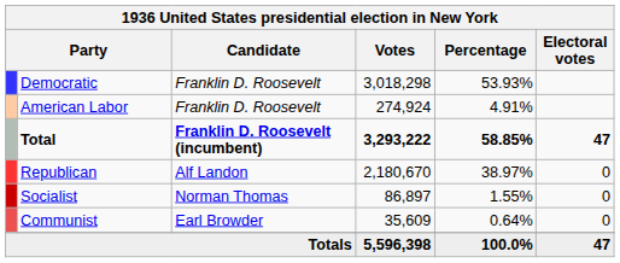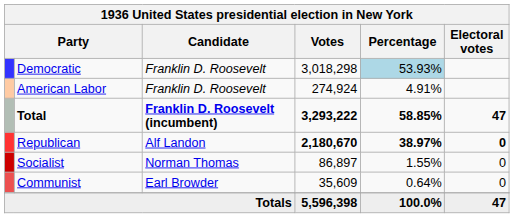 <table class="wikitable" style="font-size: 95%;">
 <tr>
 <th colspan="6">1936 United States presidential election in New York</th>
 </tr>
 <tr>
 <th colspan="2" style="width: 15em">Party</th>
 <th style="width: 17em">Candidate</th>
 <th style="width: 5em">Votes</th>
 <th style="width: 7em">Percentage</th>
 <th style="width: 5em">Electoral votes</th>
 </tr>
 <tr>
 <th style="background-color:#3333FF; width: 3px"></th>
 <td style="width: 130px"><a href='#'>Democratic</a></td>
 <td><em>Franklin D. Roosevelt</em></td>
 <td align="right">3,018,298</td>
-<td align="right">53.93%</td>
+<td align="right" style="background: lightblue;">53.93%</td>
 <td align="right"></td>
 </tr>
 <tr>
 <th style="background-color:#FFCBA4; width: 3px"></th>
 <td style="width: 130px"><a href='#'>American Labor</a></td>
 <td><em>Franklin D. Roosevelt</em></td>
 <td align="right">274,924</td>
 <td align="right">4.91%</td>
 <td align="right"></td>
 </tr>
 <tr>
 <th style="background-color:#B2BEB5; width: 3px"></th>
 <td style="width: 130px"><strong>Total</strong></td>
 <td><strong><a href='#'>Franklin D. Roosevelt</a> (incumbent)</strong></td>
 <td align="right"><strong>3,293,222</strong></td>
 <td align="right"><strong>58.85%</strong></td>
 <td align="right"><strong>47</strong></td>
 </tr>
 <tr>
 <th style="background-color:#FF3333; width: 3px"></th>
 <td style="width: 130px"><a href='#'>Republican</a></td>
 <td><a href='#'>Alf Landon</a></td>
-<td align="right">2,180,670</td>
-<td align="right">38.97%</td>
-<td align="right">0</td>
+<td align="right"><strong>2,180,670</strong></td>
+<td align="right"><strong>38.97%</strong></td>
+<td align="right"><strong>0</strong></td>
 </tr>
 <tr>
 <th style="background-color:#CC0000; width: 3px"></th>
 <td style="width: 130px"><a href='#'>Socialist</a></td>
 <td><a href='#'>Norman Thomas</a></td>
 <td align="right">86,897</td>
 <td align="right">1.55%</td>
 <td align="right">0</td>
 </tr>
 <tr>
 <th style="background-color:#EC5050; width: 3px"></th>
 <td style="width: 130px"><a href='#'>Communist</a></td>
 <td><a href='#'>Earl Browder</a></td>
 <td align="right">35,609</td>
 <td align="right">0.64%</td>
 <td align="right">0</td>
 </tr>
 <tr>
 </tr>
 <tr bgcolor="#EEEEEE">
 <td colspan="3" align="right"><strong>Totals</strong></td>
 <td align="right"><strong>5,596,398</strong></td>
 <td align="right"><strong>100.0%</strong></td>
 <td align="right"><strong>47</strong></td>
 </tr>
 </table>
